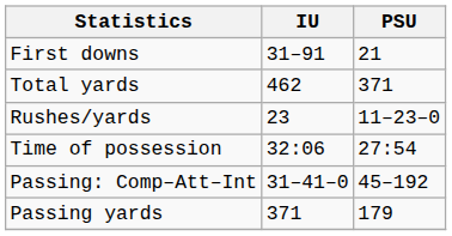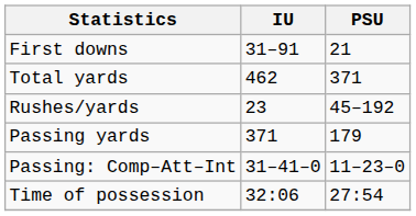 <table class="wikitable" style="float: left;">
 <tr>
 <th>Statistics</th>
 <th>IU</th>
 <th>PSU</th>
 </tr>
 <tr>
 <td>First downs</td>
 <td>31–91</td>
 <td>21</td>
 </tr>
 <tr>
 <td>Total yards</td>
 <td>462</td>
 <td>371</td>
 </tr>
 <tr>
 <td>Rushes/yards</td>
 <td>23</td>
+<td>45–192</td>
+</tr>
+<tr>
+<td>Passing yards</td>
+<td>371</td>
+<td>179</td>
+</tr>
+<tr>
+<td>Passing: Comp–Att–Int</td>
+<td>31–41–0</td>
 <td>11–23–0</td>
 </tr>
 <tr>
 <td>Time of possession</td>
 <td>32:06</td>
 <td>27:54</td>
 </tr>
 <tr>
-<td>Passing: Comp–Att–Int</td>
-<td>31–41–0</td>
-<td>45–192</td>
-</tr>
-<tr>
-<td>Passing yards</td>
-<td>371</td>
-<td>179</td>
-</tr>
-<tr>
 </tr>
 </table>
